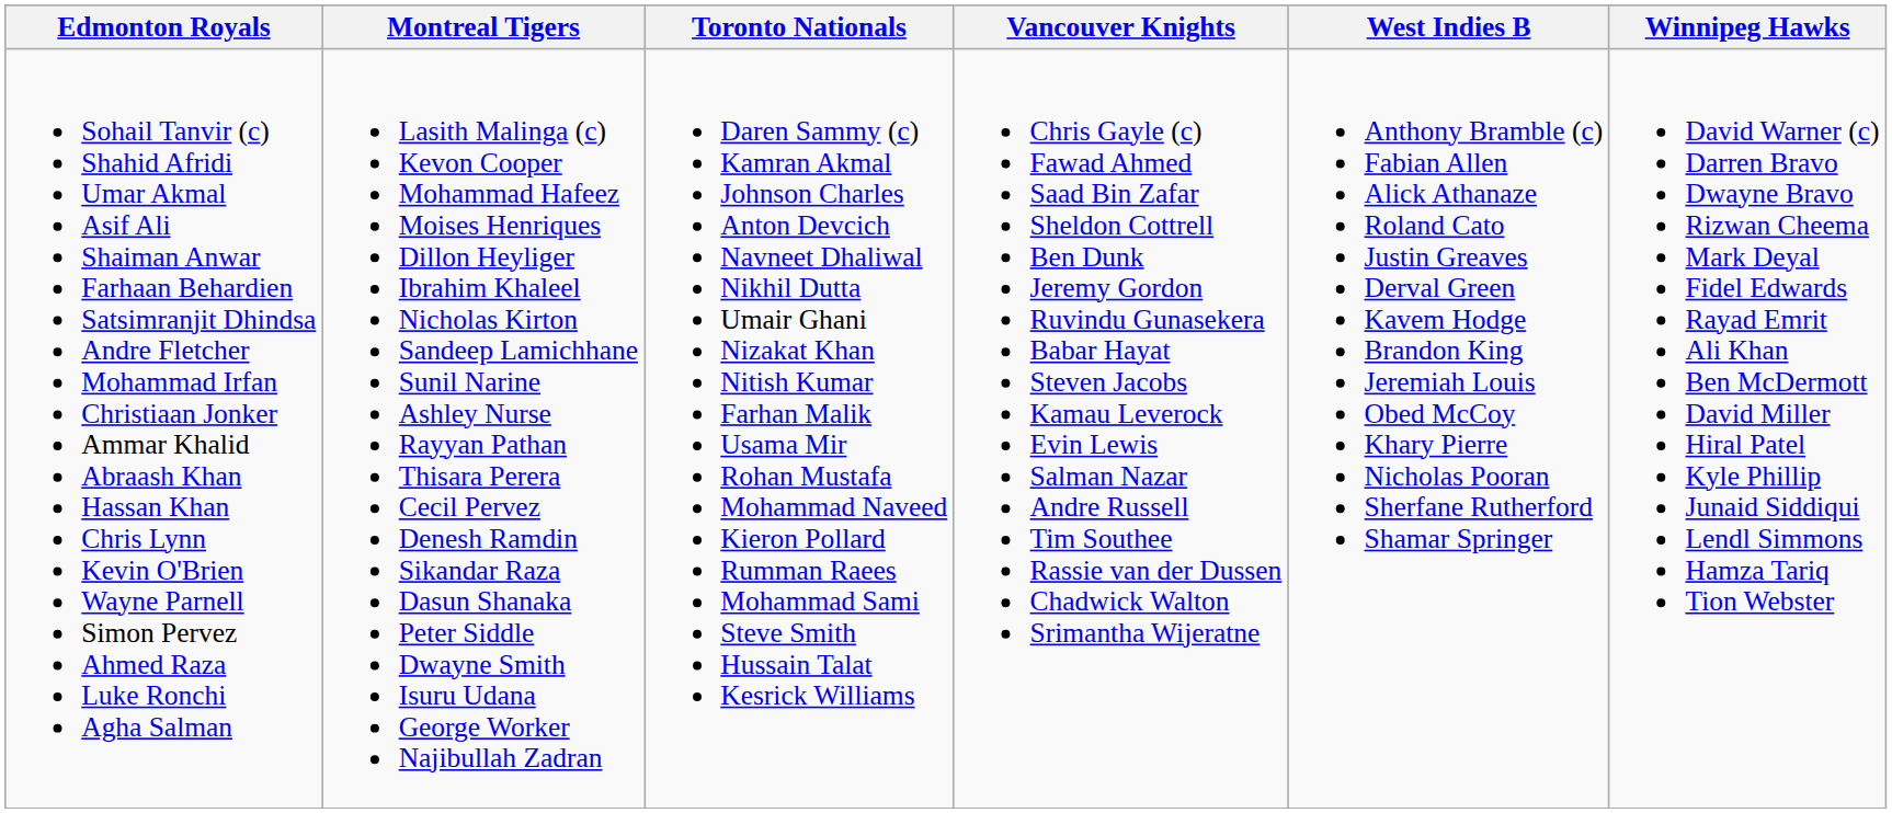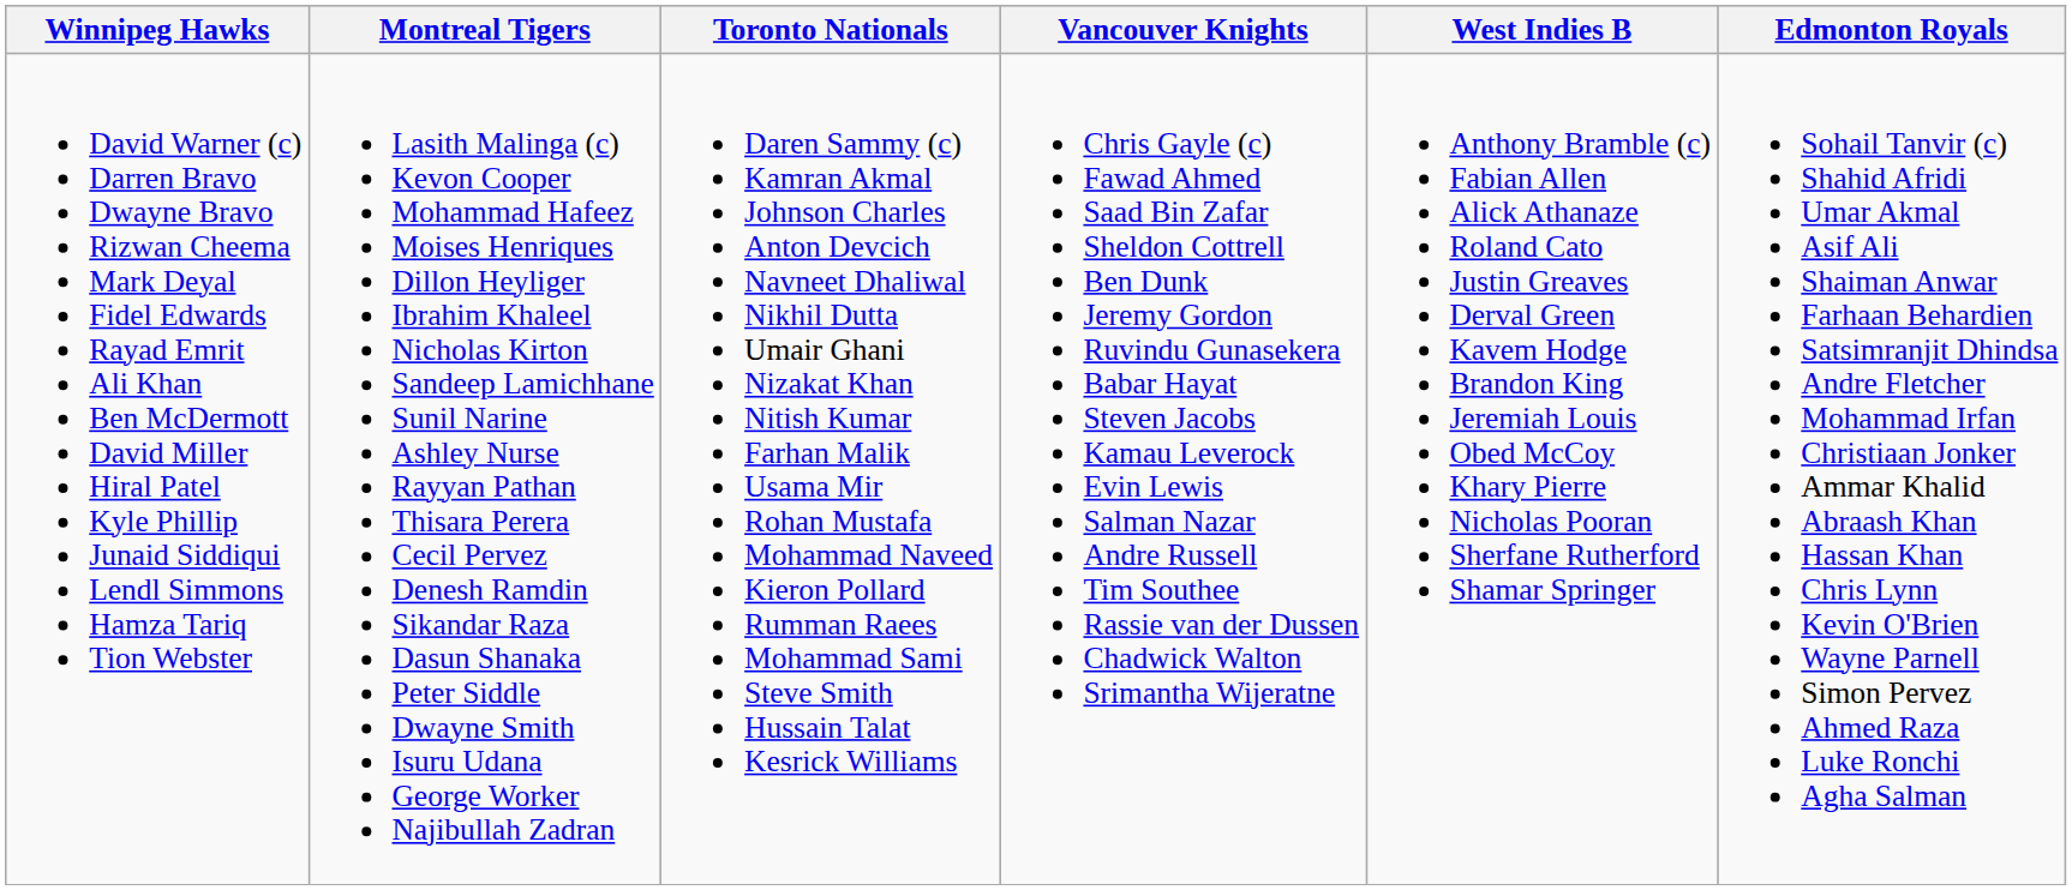 <table class="wikitable">
 <tr>
-<th><a href='#'>Edmonton Royals</a></th>
+<th><a href='#'>Winnipeg Hawks</a></th>
 <th><a href='#'>Montreal Tigers</a></th>
 <th><a href='#'>Toronto Nationals</a></th>
 <th><a href='#'>Vancouver Knights</a></th>
 <th><a href='#'>West Indies B</a></th>
-<th><a href='#'>Winnipeg Hawks</a></th>
+<th><a href='#'>Edmonton Royals</a></th>
 </tr>
 <tr>
-<td valign=top><br><ul><li><a href='#'>Sohail Tanvir</a> (<a href='#'>c</a>)</li><li><a href='#'>Shahid Afridi</a></li><li><a href='#'>Umar Akmal</a></li><li><a href='#'>Asif Ali</a></li><li><a href='#'>Shaiman Anwar</a></li><li><a href='#'>Farhaan Behardien</a></li><li><a href='#'>Satsimranjit Dhindsa</a></li><li><a href='#'>Andre Fletcher</a></li><li><a href='#'>Mohammad Irfan</a></li><li><a href='#'>Christiaan Jonker</a></li><li>Ammar Khalid</li><li><a href='#'>Abraash Khan</a></li><li><a href='#'>Hassan Khan</a></li><li><a href='#'>Chris Lynn</a></li><li><a href='#'>Kevin O'Brien</a></li><li><a href='#'>Wayne Parnell</a></li><li>Simon Pervez</li><li><a href='#'>Ahmed Raza</a></li><li><a href='#'>Luke Ronchi</a></li><li><a href='#'>Agha Salman</a></li></ul></td>
+<td valign="top"><br><ul><li><a href='#'>David Warner</a> (<a href='#'>c</a>)</li><li><a href='#'>Darren Bravo</a></li><li><a href='#'>Dwayne Bravo</a></li><li><a href='#'>Rizwan Cheema</a></li><li><a href='#'>Mark Deyal</a></li><li><a href='#'>Fidel Edwards</a></li><li><a href='#'>Rayad Emrit</a></li><li><a href='#'>Ali Khan</a></li><li><a href='#'>Ben McDermott</a></li><li><a href='#'>David Miller</a></li><li><a href='#'>Hiral Patel</a></li><li><a href='#'>Kyle Phillip</a></li><li><a href='#'>Junaid Siddiqui</a></li><li><a href='#'>Lendl Simmons</a></li><li><a href='#'>Hamza Tariq</a></li><li><a href='#'>Tion Webster</a></li></ul></td>
 <td valign=top><br><ul><li><a href='#'>Lasith Malinga</a> (<a href='#'>c</a>)</li><li><a href='#'>Kevon Cooper</a></li><li><a href='#'>Mohammad Hafeez</a></li><li><a href='#'>Moises Henriques</a></li><li><a href='#'>Dillon Heyliger</a></li><li><a href='#'>Ibrahim Khaleel</a></li><li><a href='#'>Nicholas Kirton</a></li><li><a href='#'>Sandeep Lamichhane</a></li><li><a href='#'>Sunil Narine</a></li><li><a href='#'>Ashley Nurse</a></li><li><a href='#'>Rayyan Pathan</a></li><li><a href='#'>Thisara Perera</a></li><li><a href='#'>Cecil Pervez</a></li><li><a href='#'>Denesh Ramdin</a></li><li><a href='#'>Sikandar Raza</a></li><li><a href='#'>Dasun Shanaka</a></li><li><a href='#'>Peter Siddle</a></li><li><a href='#'>Dwayne Smith</a></li><li><a href='#'>Isuru Udana</a></li><li><a href='#'>George Worker</a></li><li><a href='#'>Najibullah Zadran</a></li></ul></td>
 <td valign=top><br><ul><li><a href='#'>Daren Sammy</a> (<a href='#'>c</a>)</li><li><a href='#'>Kamran Akmal</a></li><li><a href='#'>Johnson Charles</a></li><li><a href='#'>Anton Devcich</a></li><li><a href='#'>Navneet Dhaliwal</a></li><li><a href='#'>Nikhil Dutta</a></li><li>Umair Ghani</li><li><a href='#'>Nizakat Khan</a></li><li><a href='#'>Nitish Kumar</a></li><li><a href='#'>Farhan Malik</a></li><li><a href='#'>Usama Mir</a></li><li><a href='#'>Rohan Mustafa</a></li><li><a href='#'>Mohammad Naveed</a></li><li><a href='#'>Kieron Pollard</a></li><li><a href='#'>Rumman Raees</a></li><li><a href='#'>Mohammad Sami</a></li><li><a href='#'>Steve Smith</a></li><li><a href='#'>Hussain Talat</a></li><li><a href='#'>Kesrick Williams</a></li></ul></td>
 <td valign=top><br><ul><li><a href='#'>Chris Gayle</a> (<a href='#'>c</a>)</li><li><a href='#'>Fawad Ahmed</a></li><li><a href='#'>Saad Bin Zafar</a></li><li><a href='#'>Sheldon Cottrell</a></li><li><a href='#'>Ben Dunk</a></li><li><a href='#'>Jeremy Gordon</a></li><li><a href='#'>Ruvindu Gunasekera</a></li><li><a href='#'>Babar Hayat</a></li><li><a href='#'>Steven Jacobs</a></li><li><a href='#'>Kamau Leverock</a></li><li><a href='#'>Evin Lewis</a></li><li><a href='#'>Salman Nazar</a></li><li><a href='#'>Andre Russell</a></li><li><a href='#'>Tim Southee</a></li><li><a href='#'>Rassie van der Dussen</a></li><li><a href='#'>Chadwick Walton</a></li><li><a href='#'>Srimantha Wijeratne</a></li></ul></td>
 <td valign="top"><br><ul><li><a href='#'>Anthony Bramble</a> (<a href='#'>c</a>)</li><li><a href='#'>Fabian Allen</a></li><li><a href='#'>Alick Athanaze</a></li><li><a href='#'>Roland Cato</a></li><li><a href='#'>Justin Greaves</a></li><li><a href='#'>Derval Green</a></li><li><a href='#'>Kavem Hodge</a></li><li><a href='#'>Brandon King</a></li><li><a href='#'>Jeremiah Louis</a></li><li><a href='#'>Obed McCoy</a></li><li><a href='#'>Khary Pierre</a></li><li><a href='#'>Nicholas Pooran</a></li><li><a href='#'>Sherfane Rutherford</a></li><li><a href='#'>Shamar Springer</a></li></ul></td>
-<td valign="top"><br><ul><li><a href='#'>David Warner</a> (<a href='#'>c</a>)</li><li><a href='#'>Darren Bravo</a></li><li><a href='#'>Dwayne Bravo</a></li><li><a href='#'>Rizwan Cheema</a></li><li><a href='#'>Mark Deyal</a></li><li><a href='#'>Fidel Edwards</a></li><li><a href='#'>Rayad Emrit</a></li><li><a href='#'>Ali Khan</a></li><li><a href='#'>Ben McDermott</a></li><li><a href='#'>David Miller</a></li><li><a href='#'>Hiral Patel</a></li><li><a href='#'>Kyle Phillip</a></li><li><a href='#'>Junaid Siddiqui</a></li><li><a href='#'>Lendl Simmons</a></li><li><a href='#'>Hamza Tariq</a></li><li><a href='#'>Tion Webster</a></li></ul></td>
+<td valign=top><br><ul><li><a href='#'>Sohail Tanvir</a> (<a href='#'>c</a>)</li><li><a href='#'>Shahid Afridi</a></li><li><a href='#'>Umar Akmal</a></li><li><a href='#'>Asif Ali</a></li><li><a href='#'>Shaiman Anwar</a></li><li><a href='#'>Farhaan Behardien</a></li><li><a href='#'>Satsimranjit Dhindsa</a></li><li><a href='#'>Andre Fletcher</a></li><li><a href='#'>Mohammad Irfan</a></li><li><a href='#'>Christiaan Jonker</a></li><li>Ammar Khalid</li><li><a href='#'>Abraash Khan</a></li><li><a href='#'>Hassan Khan</a></li><li><a href='#'>Chris Lynn</a></li><li><a href='#'>Kevin O'Brien</a></li><li><a href='#'>Wayne Parnell</a></li><li>Simon Pervez</li><li><a href='#'>Ahmed Raza</a></li><li><a href='#'>Luke Ronchi</a></li><li><a href='#'>Agha Salman</a></li></ul></td>
 </tr>
 </table>
